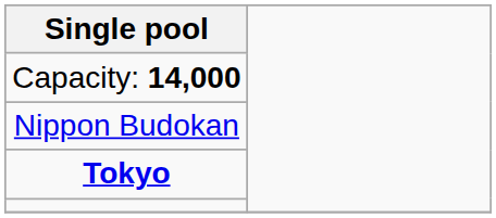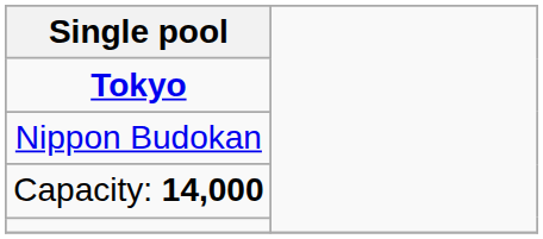 <table class=wikitable style=text-align:center>
 <tr>
 <th width=50%>Single pool</th>
 <td width=50% rowspan=5></td>
 </tr>
 <tr>
-<td>Capacity: <strong>14,000</strong></td>
+<td><strong><a href='#'>Tokyo</a></strong></td>
 </tr>
 <tr>
 <td><a href='#'>Nippon Budokan</a></td>
 </tr>
 <tr>
-<td><strong><a href='#'>Tokyo</a></strong></td>
+<td>Capacity: <strong>14,000</strong></td>
 </tr>
 <tr>
 <td></td>
 </tr>
 <tr>
 </tr>
 </table>
